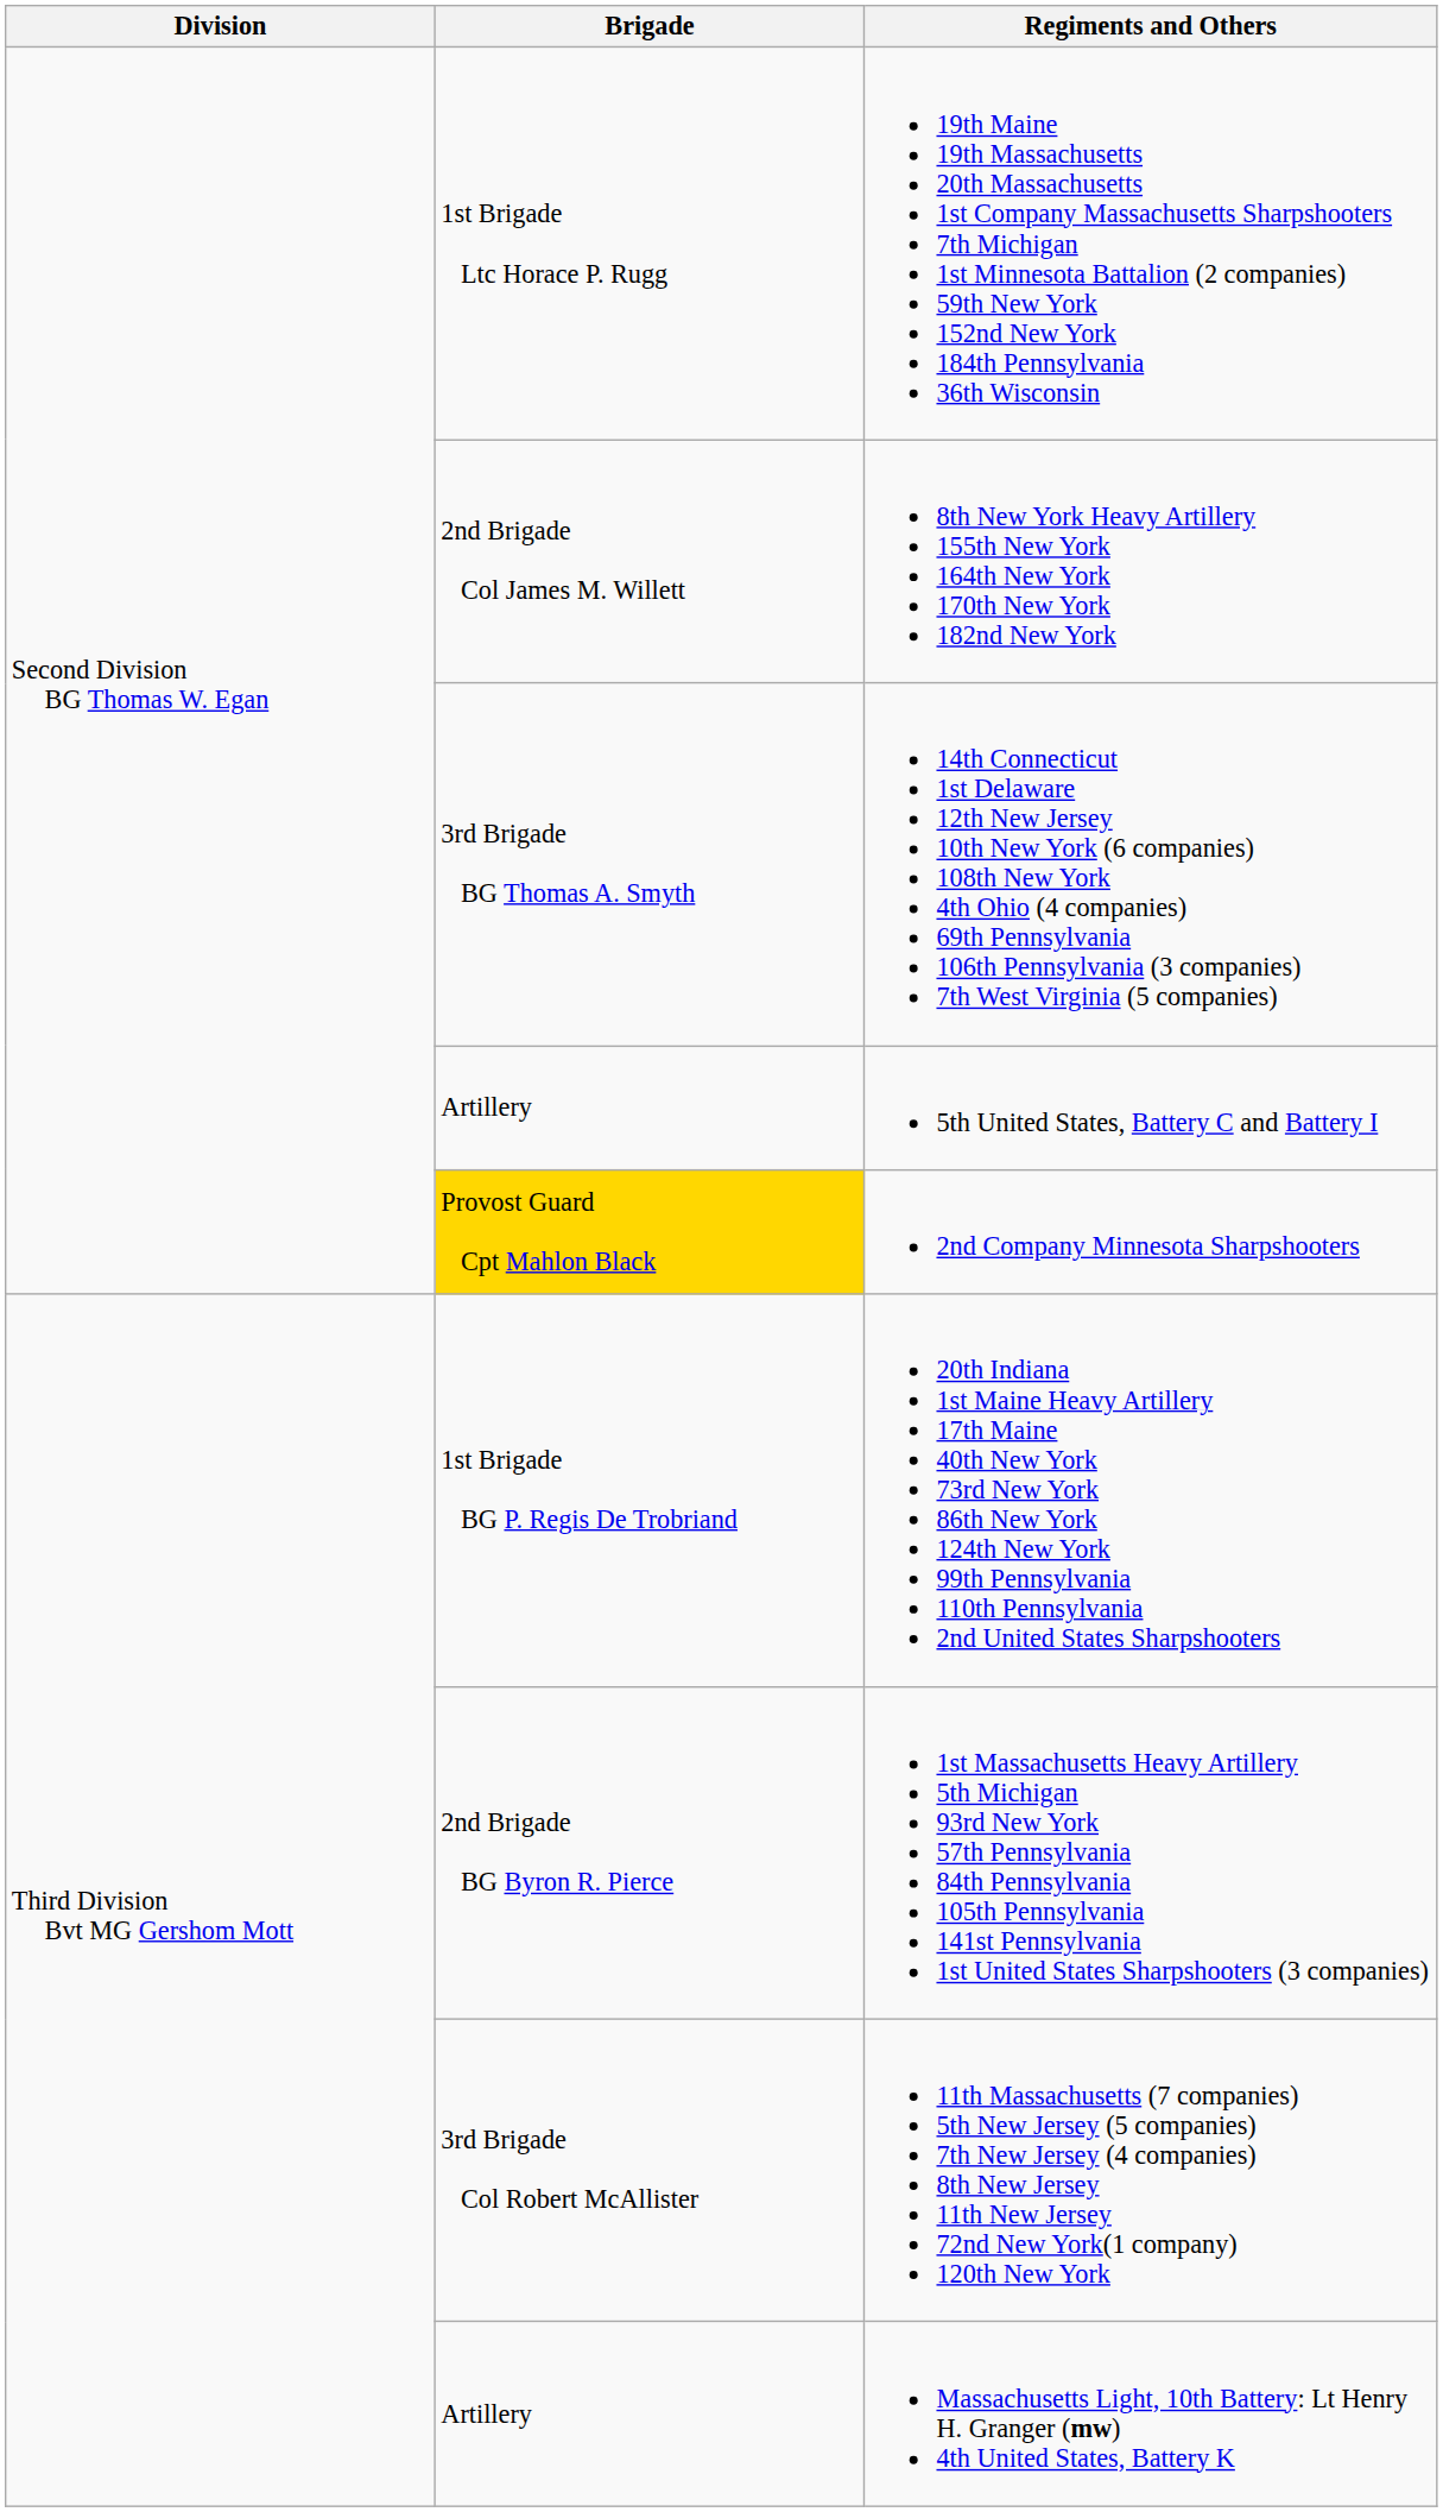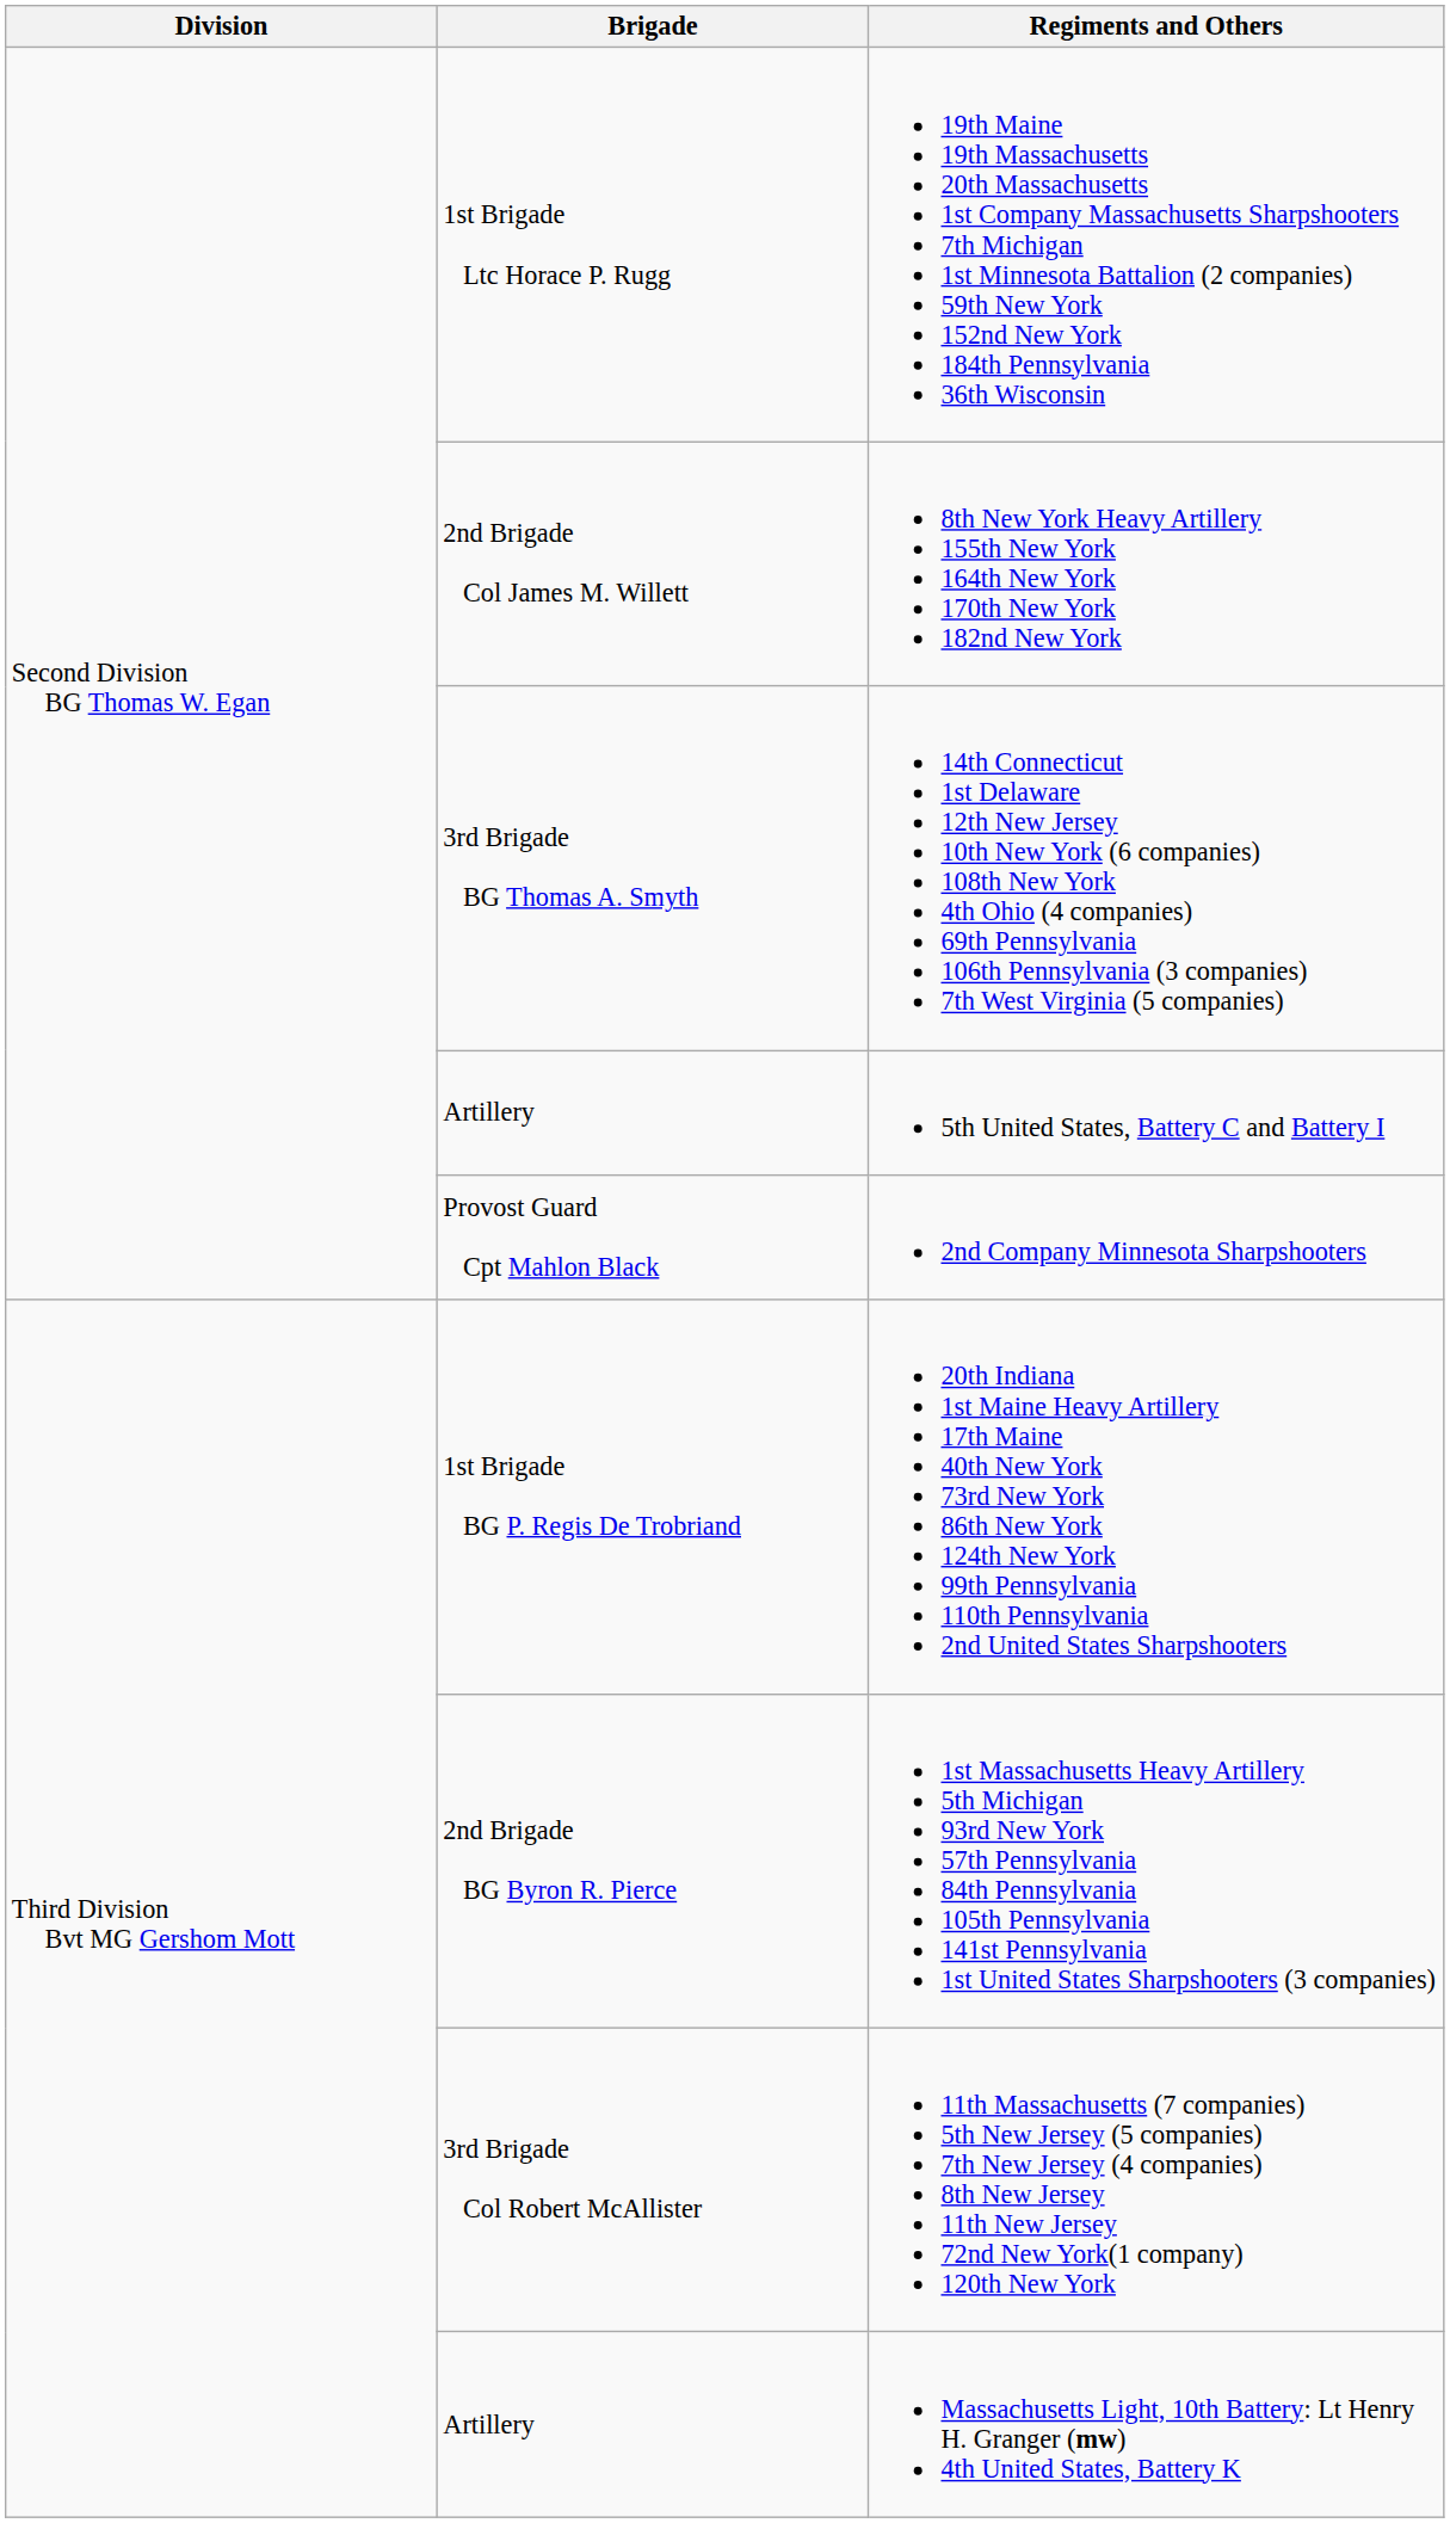 <table class="wikitable">
 <tr>
 <th width=30%>Division</th>
 <th width=30%>Brigade</th>
 <th>Regiments and Others</th>
 </tr>
 <tr>
 <td rowspan=5><br>Second Division <br>     BG <a href='#'>Thomas W. Egan</a></td>
 <td>1st Brigade<br><br>   Ltc Horace P. Rugg</td>
 <td><br><ul><li><a href='#'>19th Maine</a></li><li><a href='#'>19th Massachusetts</a></li><li><a href='#'>20th Massachusetts</a></li><li><a href='#'>1st Company Massachusetts Sharpshooters</a></li><li><a href='#'>7th Michigan</a></li><li><a href='#'>1st Minnesota Battalion</a> (2 companies)</li><li><a href='#'>59th New York</a></li><li><a href='#'>152nd New York</a></li><li><a href='#'>184th Pennsylvania</a></li><li><a href='#'>36th Wisconsin</a></li></ul></td>
 </tr>
 <tr>
 <td>2nd Brigade<br><br>   Col James M. Willett</td>
 <td><br><ul><li><a href='#'>8th New York Heavy Artillery</a></li><li><a href='#'>155th New York</a></li><li><a href='#'>164th New York</a></li><li><a href='#'>170th New York</a></li><li><a href='#'>182nd New York</a></li></ul></td>
 </tr>
 <tr>
 <td>3rd Brigade<br><br>   BG <a href='#'>Thomas A. Smyth</a></td>
 <td><br><ul><li><a href='#'>14th Connecticut</a></li><li><a href='#'>1st Delaware</a></li><li><a href='#'>12th New Jersey</a></li><li><a href='#'>10th New York</a> (6 companies)</li><li><a href='#'>108th New York</a></li><li><a href='#'>4th Ohio</a> (4 companies)</li><li><a href='#'>69th Pennsylvania</a></li><li><a href='#'>106th Pennsylvania</a> (3 companies)</li><li><a href='#'>7th West Virginia</a> (5 companies)</li></ul></td>
 </tr>
 <tr>
 <td>Artillery</td>
 <td><br><ul><li>5th United States, <a href='#'>Battery C</a> and <a href='#'>Battery I</a></li></ul></td>
 </tr>
 <tr>
-<td style="background: gold;">Provost Guard<br><br>   Cpt <a href='#'>Mahlon Black</a></td>
+<td>Provost Guard<br><br>   Cpt <a href='#'>Mahlon Black</a></td>
 <td><br><ul><li><a href='#'>2nd Company Minnesota Sharpshooters</a></li></ul></td>
 </tr>
 <tr>
 <td rowspan= 4><br>Third Division <br>     Bvt MG <a href='#'>Gershom Mott</a></td>
 <td>1st Brigade<br><br>   BG <a href='#'>P. Regis De Trobriand</a></td>
 <td><br><ul><li><a href='#'>20th Indiana</a></li><li><a href='#'>1st Maine Heavy Artillery</a></li><li><a href='#'>17th Maine</a></li><li><a href='#'>40th New York</a></li><li><a href='#'>73rd New York</a></li><li><a href='#'>86th New York</a></li><li><a href='#'>124th New York</a></li><li><a href='#'>99th Pennsylvania</a></li><li><a href='#'>110th Pennsylvania</a></li><li><a href='#'>2nd United States Sharpshooters</a></li></ul></td>
 </tr>
 <tr>
 <td>2nd Brigade<br><br>   BG <a href='#'>Byron R. Pierce</a></td>
 <td><br><ul><li><a href='#'>1st Massachusetts Heavy Artillery</a></li><li><a href='#'>5th Michigan</a></li><li><a href='#'>93rd New York</a></li><li><a href='#'>57th Pennsylvania</a></li><li><a href='#'>84th Pennsylvania</a></li><li><a href='#'>105th Pennsylvania</a></li><li><a href='#'>141st Pennsylvania</a></li><li><a href='#'>1st United States Sharpshooters</a> (3 companies)</li></ul></td>
 </tr>
 <tr>
 <td>3rd Brigade<br><br>   Col Robert McAllister</td>
 <td><br><ul><li><a href='#'>11th Massachusetts</a> (7 companies)</li><li><a href='#'>5th New Jersey</a> (5 companies)</li><li><a href='#'>7th New Jersey</a> (4 companies)</li><li><a href='#'>8th New Jersey</a></li><li><a href='#'>11th New Jersey</a></li><li><a href='#'>72nd New York</a>(1 company)</li><li><a href='#'>120th New York</a></li></ul></td>
 </tr>
 <tr>
 <td>Artillery</td>
 <td><br><ul><li><a href='#'>Massachusetts Light, 10th Battery</a>: Lt Henry H. Granger (<strong>mw</strong>)</li><li><a href='#'>4th United States, Battery K</a></li></ul></td>
 </tr>
 </table>
